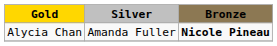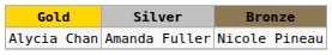 <table class="wikitable">
 <tr>
 <th style="background-color:#FFD700">Gold</th>
 <th style="background-color:#C0C0C0">Silver</th>
 <th style="background-color:#8C7853">Bronze</th>
 </tr>
 <tr>
 <td> Alycia Chan</td>
 <td> Amanda Fuller</td>
-<td><strong> Nicole Pineau</strong></td>
+<td> Nicole Pineau</td>
 </tr>
 <tr>
 </tr>
 </table>
